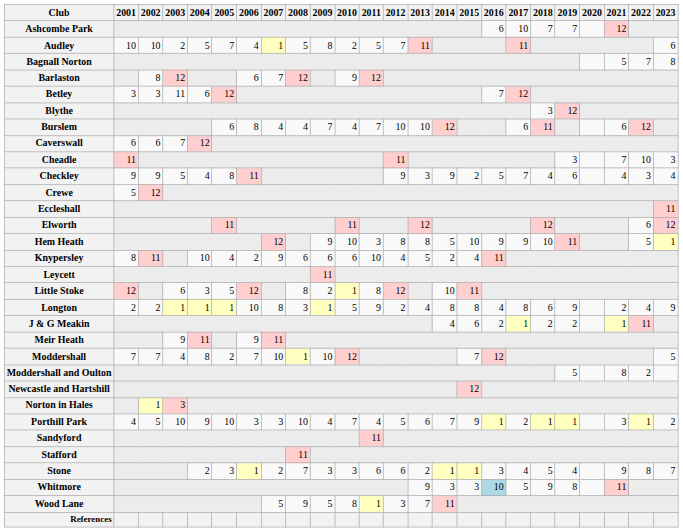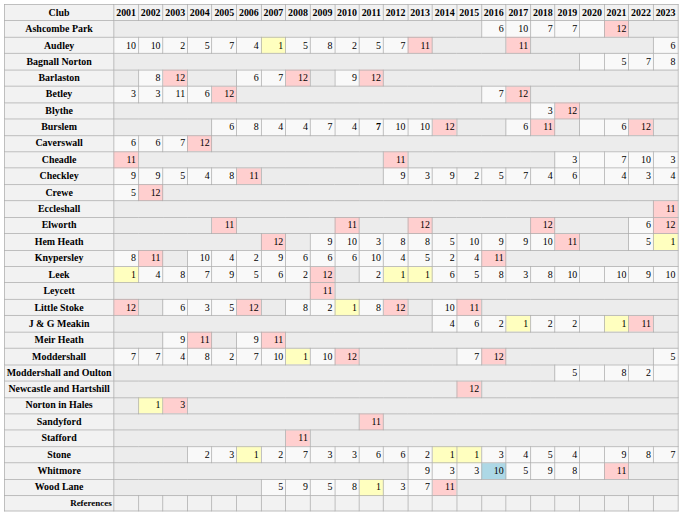 <table class="wikitable plainrowheaders" style="font-size:85%; text-align: right;">
 <tr>
 <th scope="col">Club</th>
 <th scope="col">2001</th>
 <th scope="col">2002</th>
 <th scope="col">2003</th>
 <th scope="col">2004</th>
 <th scope="col">2005</th>
 <th scope="col">2006</th>
 <th scope="col">2007</th>
 <th scope="col">2008</th>
 <th scope="col">2009</th>
 <th scope="col">2010</th>
 <th scope="col">2011</th>
 <th scope="col">2012</th>
 <th scope="col">2013</th>
 <th scope="col">2014</th>
 <th scope="col">2015</th>
 <th scope="col">2016</th>
 <th scope="col">2017</th>
 <th scope="col">2018</th>
 <th scope="col">2019</th>
 <th scope="col">2020</th>
 <th scope="col">2021</th>
 <th scope="col">2022</th>
 <th scope="col">2023</th>
 </tr>
 <tr>
 <th scope="row">Ashcombe Park</th>
 <td bgcolor="#ececec" colspan="15"></td>
 <td>6</td>
 <td>10</td>
 <td>7</td>
 <td>7</td>
 <td></td>
 <td bgcolor="#ffcfcf">12</td>
 <td bgcolor="#ececec" colspan="2"></td>
 </tr>
 <tr>
 <th scope="row">Audley</th>
 <td>10</td>
 <td>10</td>
 <td>2</td>
 <td>5</td>
 <td>7</td>
 <td>4</td>
 <td bgcolor="#ffffbf">1</td>
 <td>5</td>
 <td>8</td>
 <td>2</td>
 <td>5</td>
 <td>7</td>
 <td bgcolor="#ffcfcf">11</td>
 <td bgcolor="#ececec" colspan="3"></td>
 <td bgcolor="#ffcfcf">11</td>
 <td bgcolor="#ececec" colspan="5"></td>
 <td>6</td>
 </tr>
 <tr>
 <th scope="row">Bagnall Norton</th>
 <td bgcolor="#ececec" colspan="19"></td>
 <td></td>
 <td>5</td>
 <td>7</td>
 <td>8</td>
 </tr>
 <tr>
 <th scope="row">Barlaston</th>
 <td bgcolor="#ececec"></td>
 <td>8</td>
 <td bgcolor="#ffcfcf">12</td>
 <td bgcolor="#ececec" colspan="2"></td>
 <td>6</td>
 <td>7</td>
 <td bgcolor="#ffcfcf">12</td>
 <td bgcolor="#ececec"></td>
 <td>9</td>
 <td bgcolor="#ffcfcf">12</td>
 <td bgcolor="#ececec" colspan="12"></td>
 </tr>
 <tr>
 <th scope="row">Betley</th>
 <td>3</td>
 <td>3</td>
 <td>11</td>
 <td>6</td>
 <td bgcolor="#ffcfcf">12</td>
 <td bgcolor="#ececec" colspan="10"></td>
 <td>7</td>
 <td bgcolor="#ffcfcf">12</td>
 <td bgcolor="#ececec" colspan="6"></td>
 </tr>
 <tr>
 <th scope="row">Blythe</th>
 <td bgcolor="#ececec" colspan="17"></td>
 <td>3</td>
 <td bgcolor="#ffcfcf">12</td>
 <td bgcolor="#ececec" colspan="4"></td>
 </tr>
 <tr>
 <th scope="row">Burslem</th>
 <td bgcolor="#ececec" colspan="4"></td>
 <td>6</td>
 <td>8</td>
 <td>4</td>
 <td>4</td>
 <td>7</td>
 <td>4</td>
-<td>7</td>
+<td><strong>7</strong></td>
 <td>10</td>
 <td>10</td>
 <td bgcolor="#ffcfcf">12</td>
 <td bgcolor="#ececec" colspan="2"></td>
 <td>6</td>
 <td bgcolor="#ffcfcf">11</td>
 <td bgcolor="#ececec"></td>
 <td></td>
 <td>6</td>
 <td bgcolor="#ffcfcf">12</td>
 <td bgcolor="#ececec" colspan="1"></td>
 </tr>
 <tr>
 <th scope="row">Caverswall</th>
 <td>6</td>
 <td>6</td>
 <td>7</td>
 <td bgcolor="#ffcfcf">12</td>
 <td bgcolor="#ececec" colspan="19"></td>
 </tr>
 <tr>
 <th scope="row">Cheadle</th>
 <td bgcolor="#ffcfcf">11</td>
 <td bgcolor="#ececec" colspan="10"></td>
 <td bgcolor="#ffcfcf">11</td>
 <td bgcolor="#ececec" colspan="6"></td>
 <td>3</td>
 <td></td>
 <td>7</td>
 <td>10</td>
 <td>3</td>
 </tr>
 <tr>
 <th scope="row">Checkley</th>
 <td>9</td>
 <td>9</td>
 <td>5</td>
 <td>4</td>
 <td>8</td>
 <td bgcolor="#ffcfcf">11</td>
 <td bgcolor="#ececec" colspan="5"></td>
 <td>9</td>
 <td>3</td>
 <td>9</td>
 <td>2</td>
 <td>5</td>
 <td>7</td>
 <td>4</td>
 <td>6</td>
 <td></td>
 <td>4</td>
 <td>3</td>
 <td>4</td>
 </tr>
 <tr>
 <th scope="row">Crewe</th>
 <td>5</td>
 <td bgcolor="#ffcfcf">12</td>
 <td bgcolor="#ececec" colspan="21"></td>
 </tr>
 <tr>
 <th scope="row">Eccleshall</th>
 <td bgcolor="#ececec" colspan="22"></td>
 <td bgcolor="#ffcfcf">11</td>
 </tr>
 <tr>
 <th scope="row">Elworth</th>
 <td bgcolor="#ececec" colspan="4"></td>
 <td bgcolor="#ffcfcf">11</td>
 <td bgcolor="#ececec" colspan="4"></td>
 <td bgcolor="#ffcfcf">11</td>
 <td bgcolor="#ececec" colspan="2"></td>
 <td bgcolor="#ffcfcf">12</td>
 <td bgcolor="#ececec" colspan="4"></td>
 <td bgcolor="#ffcfcf">12</td>
 <td bgcolor="#ececec" colspan="3"></td>
 <td>6</td>
 <td bgcolor="#ffcfcf">12</td>
 </tr>
 <tr>
 <th scope="row">Hem Heath</th>
 <td bgcolor="#ececec" colspan="6"></td>
 <td bgcolor="#ffcfcf">12</td>
 <td bgcolor="#ececec"></td>
 <td>9</td>
 <td>10</td>
 <td>3</td>
 <td>8</td>
 <td>8</td>
 <td>5</td>
 <td>10</td>
 <td>9</td>
 <td>9</td>
 <td>10</td>
 <td bgcolor="#ffcfcf">11</td>
 <td bgcolor="#ececec" colspan="2"></td>
 <td>5</td>
 <td bgcolor="#ffffbf">1</td>
 </tr>
 <tr>
 <th scope="row">Knypersley</th>
 <td>8</td>
 <td bgcolor="#ffcfcf">11</td>
 <td bgcolor="#ececec"></td>
 <td>10</td>
 <td>4</td>
 <td>2</td>
 <td>9</td>
 <td>6</td>
 <td>6</td>
 <td>6</td>
 <td>10</td>
 <td>4</td>
 <td>5</td>
 <td>2</td>
 <td>4</td>
 <td bgcolor="#ffcfcf">11</td>
 <td bgcolor="#ececec" colspan="7"></td>
 </tr>
 <tr>
+<th scope="row">Leek</th>
+<td bgcolor="#ffffbf">1</td>
+<td>4</td>
+<td>8</td>
+<td>7</td>
+<td>9</td>
+<td>5</td>
+<td>6</td>
+<td>2</td>
+<td bgcolor="#ffcfcf">12</td>
+<td bgcolor="#ececec"></td>
+<td>2</td>
+<td bgcolor="#ffffbf">1</td>
+<td bgcolor="#ffffbf">1</td>
+<td>6</td>
+<td>5</td>
+<td>8</td>
+<td>3</td>
+<td>8</td>
+<td>10</td>
+<td></td>
+<td>10</td>
+<td>9</td>
+<td>10</td>
+</tr>
+<tr>
 <th scope="row">Leycett</th>
 <td bgcolor="#ececec" colspan="8"></td>
 <td bgcolor="#ffcfcf">11</td>
 <td bgcolor="#ececec" colspan="14"></td>
 </tr>
 <tr>
 <th scope="row">Little Stoke</th>
 <td bgcolor="#ffcfcf">12</td>
 <td bgcolor="#ececec"></td>
 <td>6</td>
 <td>3</td>
 <td>5</td>
 <td bgcolor="#ffcfcf">12</td>
 <td bgcolor="#ececec"></td>
 <td>8</td>
 <td>2</td>
 <td bgcolor="#ffffbf">1</td>
 <td>8</td>
 <td bgcolor="#ffcfcf">12</td>
 <td bgcolor="#ececec"></td>
 <td>10</td>
 <td bgcolor="#ffcfcf">11</td>
 <td bgcolor="#ececec" colspan="8"></td>
-</tr>
-<tr>
-<th scope="row">Longton</th>
-<td>2</td>
-<td>2</td>
-<td bgcolor="#ffffbf">1</td>
-<td bgcolor="#ffffbf">1</td>
-<td bgcolor="#ffffbf">1</td>
-<td>10</td>
-<td>8</td>
-<td>3</td>
-<td bgcolor="#ffffbf">1</td>
-<td>5</td>
-<td>9</td>
-<td>2</td>
-<td>4</td>
-<td>8</td>
-<td>8</td>
-<td>4</td>
-<td>8</td>
-<td>6</td>
-<td>9</td>
-<td></td>
-<td>2</td>
-<td>4</td>
-<td>9</td>
 </tr>
 <tr>
 <th scope="row">J & G Meakin</th>
 <td bgcolor="#ececec" colspan="13"></td>
 <td>4</td>
 <td>6</td>
 <td>2</td>
 <td bgcolor="#ffffbf">1</td>
 <td>2</td>
 <td>2</td>
 <td></td>
 <td bgcolor="#ffffbf">1</td>
 <td bgcolor="#ffcfcf">11</td>
 <td bgcolor="#ececec" colspan="1"></td>
 </tr>
 <tr>
 <th scope="row">Meir Heath</th>
 <td bgcolor="#ececec" colspan="2"></td>
 <td>9</td>
 <td bgcolor="#ffcfcf">11</td>
 <td bgcolor="#ececec"></td>
 <td>9</td>
 <td bgcolor="#ffcfcf">11</td>
 <td bgcolor="#ececec" colspan="16"></td>
 </tr>
 <tr>
 <th scope="row">Moddershall </th>
 <td>7</td>
 <td>7</td>
 <td>4</td>
 <td>8</td>
 <td>2</td>
 <td>7</td>
 <td>10</td>
 <td bgcolor="#ffffbf">1</td>
 <td>10</td>
 <td bgcolor="#ffcfcf">12</td>
 <td bgcolor="#ececec" colspan="4"></td>
 <td>7</td>
 <td bgcolor="#ffcfcf">12</td>
 <td bgcolor="#ececec" colspan="6"></td>
 <td>5</td>
 </tr>
 <tr>
 <th scope="row">Moddershall and Oulton </th>
 <td bgcolor="#ececec" colspan="18"></td>
 <td>5</td>
 <td></td>
 <td>8</td>
 <td>2</td>
 <td></td>
 </tr>
 <tr>
 <th scope="row">Newcastle and Hartshill</th>
 <td bgcolor="#ececec" colspan="14"></td>
 <td bgcolor="#ffcfcf">12</td>
 <td bgcolor="#ececec" colspan="8"></td>
 </tr>
 <tr>
 <th scope="row">Norton in Hales </th>
 <td bgcolor="#ececec"></td>
 <td bgcolor="#ffffbf">1</td>
 <td bgcolor="#ffcfcf">3</td>
 <td bgcolor="#ececec" colspan="20"></td>
-</tr>
-<tr>
-<th scope="row">Porthill Park</th>
-<td>4</td>
-<td>5</td>
-<td>10</td>
-<td>9</td>
-<td>10</td>
-<td>3</td>
-<td>3</td>
-<td>10</td>
-<td>4</td>
-<td>7</td>
-<td>4</td>
-<td>5</td>
-<td>6</td>
-<td>7</td>
-<td>9</td>
-<td bgcolor="#ffffbf">1</td>
-<td>2</td>
-<td bgcolor="#ffffbf">1</td>
-<td bgcolor="#ffffbf">1</td>
-<td></td>
-<td>3</td>
-<td bgcolor="#ffffbf">1</td>
-<td>2</td>
 </tr>
 <tr>
 <th scope="row">Sandyford</th>
 <td bgcolor="#ececec" colspan="10"></td>
 <td bgcolor="#ffcfcf">11</td>
 <td bgcolor="#ececec" colspan="12"></td>
 </tr>
 <tr>
 <th scope="row">Stafford</th>
 <td bgcolor="#ececec" colspan="7"></td>
 <td bgcolor="#ffcfcf">11</td>
 <td bgcolor="#ececec" colspan="15"></td>
 </tr>
 <tr>
 <th scope="row">Stone</th>
 <td bgcolor="#ececec" colspan="3"></td>
 <td>2</td>
 <td>3</td>
 <td bgcolor="#ffffbf">1</td>
 <td>2</td>
 <td>7</td>
 <td>3</td>
 <td>3</td>
 <td>6</td>
 <td>6</td>
 <td>2</td>
 <td bgcolor="#ffffbf">1</td>
 <td bgcolor="#ffffbf">1</td>
 <td>3</td>
 <td>4</td>
 <td>5</td>
 <td>4</td>
 <td></td>
 <td>9</td>
 <td>8</td>
 <td>7</td>
 </tr>
 <tr>
 <th scope="row">Whitmore</th>
 <td bgcolor="#ececec" colspan="12"></td>
 <td>9</td>
 <td>3</td>
 <td>3</td>
 <td style="background: lightblue;">10</td>
 <td>5</td>
 <td>9</td>
 <td>8</td>
 <td></td>
 <td bgcolor="#ffcfcf">11</td>
 <td bgcolor="#ececec" colspan="2"></td>
 </tr>
 <tr>
 <th scope="row">Wood Lane</th>
 <td bgcolor="#ececec" colspan="6"></td>
 <td>5</td>
 <td>9</td>
 <td>5</td>
 <td>8</td>
 <td bgcolor="#ffffbf">1</td>
 <td>3</td>
 <td>7</td>
 <td bgcolor="#ffcfcf">11</td>
 <td bgcolor="#ececec" colspan="9"></td>
 </tr>
 <tr style="font-size:90%; text-align:center">
 <th scope="row" style="text-align: right">References</th>
 <th scope="col"></th>
 <th scope="col"></th>
 <th scope="col"></th>
 <th scope="col"></th>
 <th scope="col"></th>
 <th scope="col"></th>
 <th scope="col"></th>
 <th scope="col"></th>
 <th scope="col"></th>
 <th scope="col"></th>
 <th scope="col"></th>
 <th scope="col"></th>
 <th scope="col"></th>
 <th scope="col"></th>
 <th scope="col"></th>
 <th scope="col"></th>
 <th scope="col"></th>
 <th scope="col"></th>
 <th scope="col"></th>
 <th scope="col"></th>
 <th scope="col"></th>
 <th scope="col"></th>
 <th scope="col"></th>
 </tr>
 </table>
